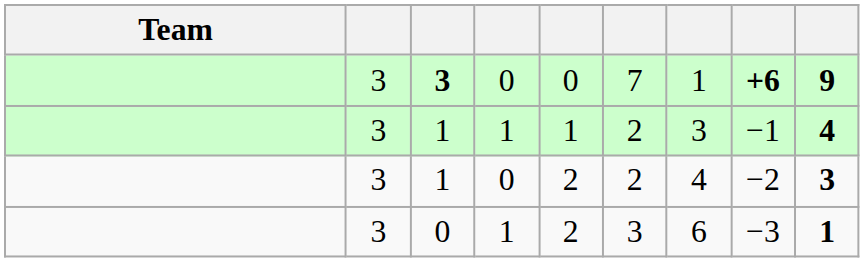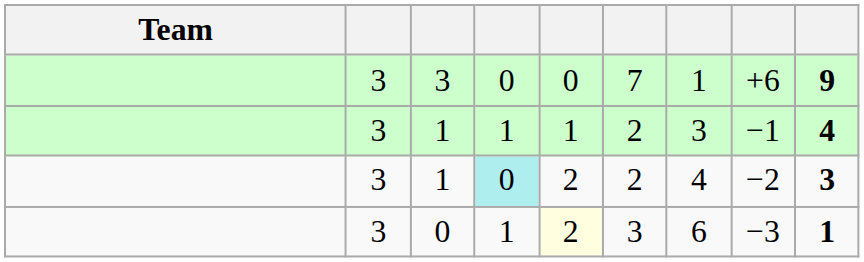 <table class="wikitable" style="text-align:center">
 <tr>
 <th width=165>Team</th>
 <th width=25></th>
 <th width=25></th>
 <th width=25></th>
 <th width=25></th>
 <th width=25></th>
 <th width=25></th>
 <th width=25></th>
 <th width=25></th>
 </tr>
 <tr style="background:#cfc">
 <td align="left"></td>
 <td>3</td>
-<td><strong>3</strong></td>
+<td>3</td>
 <td>0</td>
 <td>0</td>
 <td>7</td>
 <td>1</td>
-<td><strong>+6</strong></td>
+<td>+6</td>
 <td><strong>9</strong></td>
 </tr>
 <tr style="background:#cfc">
 <td align="left"></td>
 <td>3</td>
 <td>1</td>
 <td>1</td>
 <td>1</td>
 <td>2</td>
 <td>3</td>
 <td>−1</td>
 <td><strong>4</strong></td>
 </tr>
 <tr>
 <td align="left"></td>
 <td>3</td>
 <td>1</td>
-<td>0</td>
+<td style="background: paleturquoise;">0</td>
 <td>2</td>
 <td>2</td>
 <td>4</td>
 <td>−2</td>
 <td><strong>3</strong></td>
 </tr>
 <tr>
 <td align="left"></td>
 <td>3</td>
 <td>0</td>
 <td>1</td>
-<td>2</td>
+<td style="background: lightyellow;">2</td>
 <td>3</td>
 <td>6</td>
 <td>−3</td>
 <td><strong>1</strong></td>
 </tr>
 </table>
